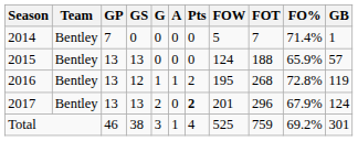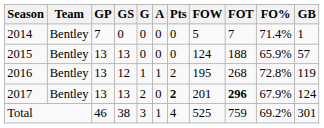 <table class="wikitable">
 <tr>
 <th>Season</th>
 <th>Team</th>
 <th>GP</th>
 <th>GS</th>
 <th>G</th>
 <th>A</th>
 <th>Pts</th>
 <th>FOW</th>
 <th>FOT</th>
 <th>FO%</th>
 <th>GB</th>
 </tr>
 <tr>
 <td>2014</td>
 <td>Bentley</td>
 <td>7</td>
 <td>0</td>
 <td>0</td>
 <td>0</td>
 <td>0</td>
 <td>5</td>
 <td>7</td>
 <td>71.4%</td>
 <td>1</td>
 </tr>
 <tr>
 <td>2015</td>
 <td>Bentley</td>
 <td>13</td>
 <td>13</td>
 <td>0</td>
 <td>0</td>
 <td>0</td>
 <td>124</td>
 <td>188</td>
 <td>65.9%</td>
 <td>57</td>
 </tr>
 <tr>
 <td>2016</td>
 <td>Bentley</td>
 <td>13</td>
 <td>12</td>
 <td>1</td>
 <td>1</td>
 <td>2</td>
 <td>195</td>
 <td>268</td>
 <td>72.8%</td>
 <td>119</td>
 </tr>
 <tr>
 <td>2017</td>
 <td>Bentley</td>
 <td>13</td>
 <td>13</td>
 <td>2</td>
 <td>0</td>
 <td><strong>2</strong></td>
 <td>201</td>
-<td>296</td>
+<td><strong>296</strong></td>
 <td>67.9%</td>
 <td>124</td>
 </tr>
 <tr>
 <td colspan="2">Total</td>
 <td>46</td>
 <td>38</td>
 <td>3</td>
 <td>1</td>
 <td>4</td>
 <td>525</td>
 <td>759</td>
 <td>69.2%</td>
 <td>301</td>
 </tr>
 </table>
